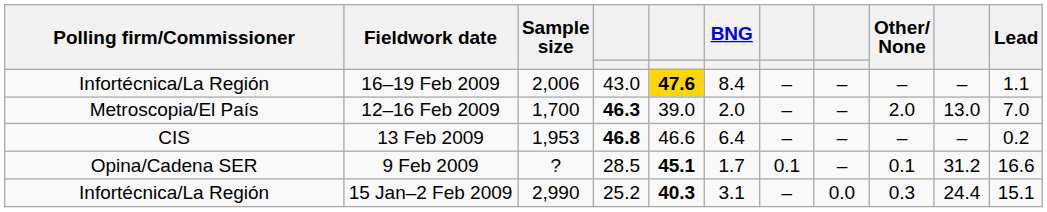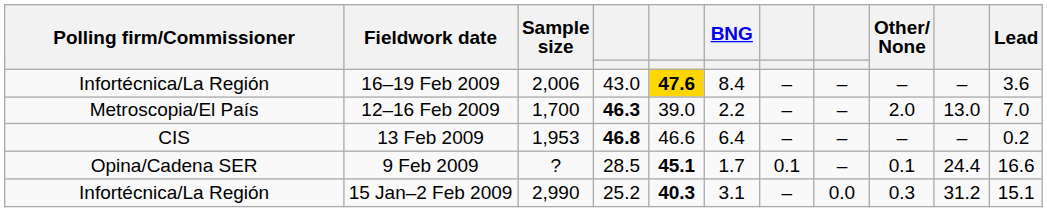 <table class="wikitable collapsible collapsed" style="text-align:center; font-size:90%; line-height:14px;">
 <tr style="height:42px;">
 <th style="width:250px;" rowspan="2">Polling firm/Commissioner</th>
 <th style="width:125px;" rowspan="2">Fieldwork date</th>
 <th style="width:50px;" rowspan="2">Sample size</th>
 <th style="width:35px;"></th>
 <th style="width:35px;"></th>
 <th style="width:35px;"><a href='#'>BNG</a></th>
 <th style="width:35px;"></th>
 <th style="width:35px;"></th>
 <th style="width:35px;" rowspan="2">Other/<br>None</th>
 <th style="width:35px;" rowspan="2"></th>
 <th style="width:30px;" rowspan="2">Lead</th>
 </tr>
 <tr>
 <th style="color:inherit;background:"></th>
 <th style="color:inherit;background:"></th>
 <th style="color:inherit;background:"></th>
 <th style="color:inherit;background:"></th>
 <th style="color:inherit;background:"></th>
 </tr>
 <tr>
 <td>Infortécnica/La Región</td>
 <td>16–19 Feb 2009</td>
 <td>2,006</td>
 <td>43.0</td>
 <td style="background: gold;"><strong>47.6</strong></td>
 <td>8.4</td>
 <td>–</td>
 <td>–</td>
 <td>–</td>
 <td>–</td>
-<td style="background:">1.1</td>
+<td style="background:">3.6</td>
 </tr>
 <tr>
 <td>Metroscopia/El País</td>
 <td>12–16 Feb 2009</td>
 <td>1,700</td>
 <td><strong>46.3</strong></td>
 <td>39.0</td>
-<td>2.0</td>
+<td>2.2</td>
 <td>–</td>
 <td>–</td>
 <td>2.0</td>
 <td>13.0</td>
 <td style="background:">7.0</td>
 </tr>
 <tr>
 <td>CIS</td>
 <td>13 Feb 2009</td>
 <td>1,953</td>
 <td><strong>46.8</strong></td>
 <td>46.6</td>
 <td>6.4</td>
 <td>–</td>
 <td>–</td>
 <td>–</td>
 <td>–</td>
 <td style="background:">0.2</td>
 </tr>
 <tr>
 <td>Opina/Cadena SER</td>
 <td>9 Feb 2009</td>
 <td>?</td>
 <td>28.5</td>
 <td><strong>45.1</strong></td>
 <td>1.7</td>
 <td>0.1</td>
 <td>–</td>
 <td>0.1</td>
-<td>31.2</td>
+<td>24.4</td>
 <td style="background:">16.6</td>
 </tr>
 <tr>
 <td>Infortécnica/La Región</td>
 <td>15 Jan–2 Feb 2009</td>
 <td>2,990</td>
 <td>25.2</td>
 <td><strong>40.3</strong></td>
 <td>3.1</td>
 <td>–</td>
 <td>0.0</td>
 <td>0.3</td>
-<td>24.4</td>
+<td>31.2</td>
 <td style="background:">15.1</td>
 </tr>
 </table>
